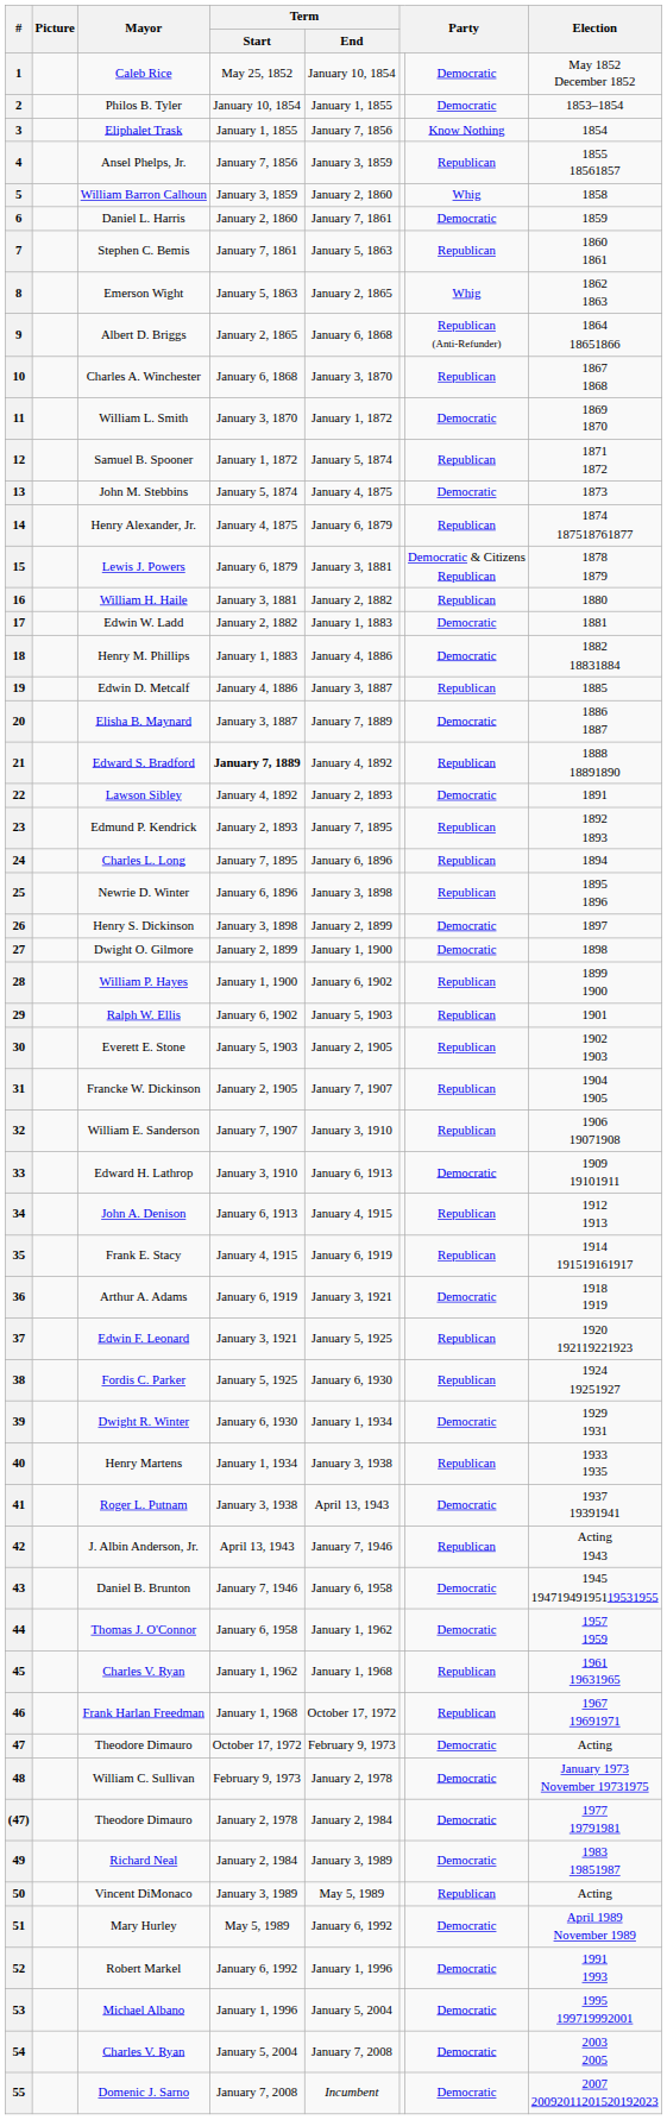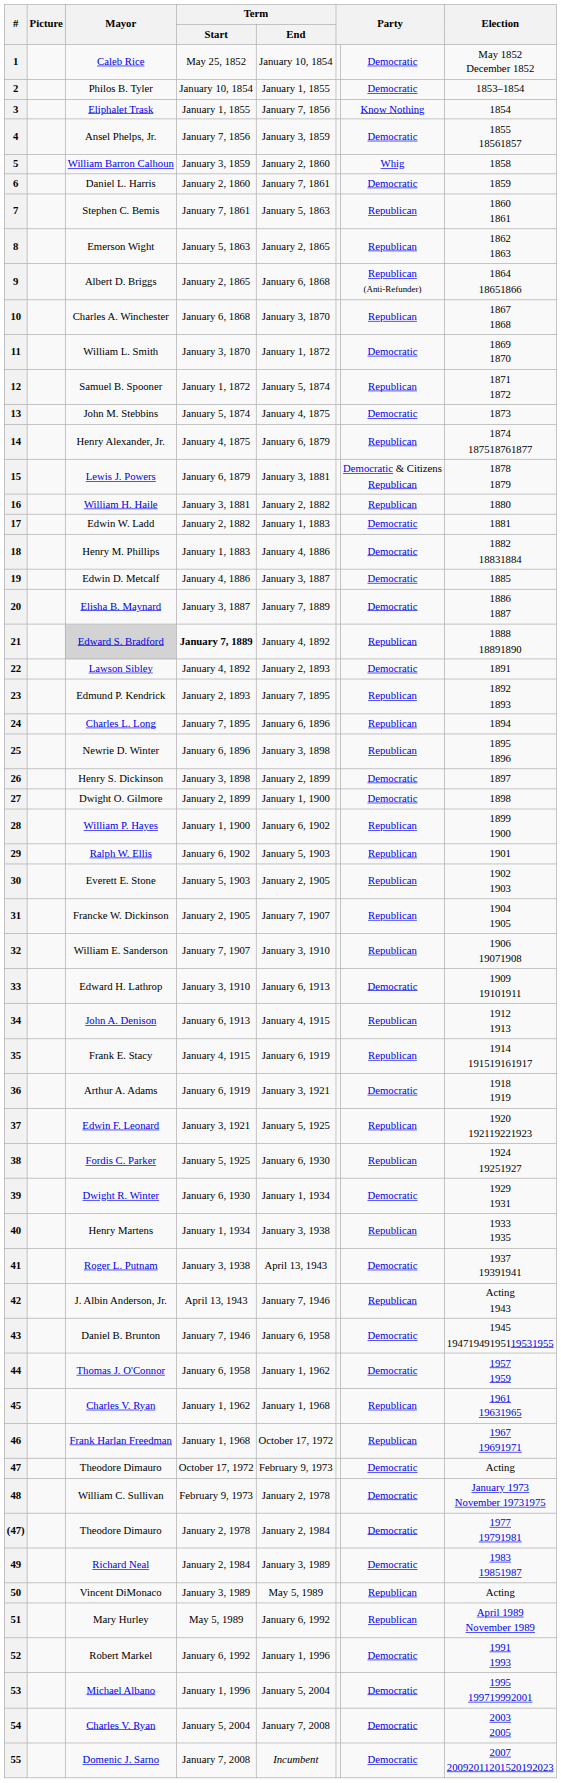 <table class="wikitable" style="line-height:1.4em; text-align:center;">
 <tr>
 <th rowspan=2 scope="col">#</th>
 <th rowspan=2 scope="col">Picture</th>
 <th rowspan=2 scope="col">Mayor</th>
 <th colspan=2 scope="colgroup">Term</th>
 <th rowspan=2 colspan=2 scope="col">Party</th>
 <th rowspan=2 scope="col">Election</th>
 </tr>
 <tr>
 <th>Start</th>
 <th>End</th>
 </tr>
 <tr>
 <th scope=row>1</th>
 <td></td>
 <td><a href='#'>Caleb Rice</a></td>
 <td>May 25, 1852</td>
 <td>January 10, 1854</td>
 <td style="background-color:"></td>
 <td><a href='#'>Democratic</a></td>
 <td>May 1852<br>December 1852</td>
 </tr>
 <tr>
 <th scope=row>2</th>
 <td></td>
 <td>Philos B. Tyler</td>
 <td>January 10, 1854</td>
 <td>January 1, 1855</td>
 <td style="background-color:"></td>
 <td><a href='#'>Democratic</a></td>
 <td>1853–1854</td>
 </tr>
 <tr>
 <th scope=row>3</th>
 <td></td>
 <td><a href='#'>Eliphalet Trask</a></td>
 <td>January 1, 1855</td>
 <td>January 7, 1856</td>
 <td style="background-color:"></td>
 <td><a href='#'>Know Nothing</a></td>
 <td>1854</td>
 </tr>
 <tr>
 <th scope=row>4</th>
 <td></td>
 <td>Ansel Phelps, Jr.</td>
 <td>January 7, 1856</td>
 <td>January 3, 1859</td>
 <td style="background-color:"></td>
-<td><a href='#'>Republican</a></td>
+<td><a href='#'>Democratic</a></td>
 <td>1855<br>18561857</td>
 </tr>
 <tr>
 <th scope=row>5</th>
 <td></td>
 <td><a href='#'>William Barron Calhoun</a></td>
 <td>January 3, 1859</td>
 <td>January 2, 1860</td>
 <td style="background-color:"></td>
 <td><a href='#'>Whig</a></td>
 <td>1858</td>
 </tr>
 <tr>
 <th scope=row>6</th>
 <td></td>
 <td>Daniel L. Harris</td>
 <td>January 2, 1860</td>
 <td>January 7, 1861</td>
 <td style="background-color:"></td>
 <td><a href='#'>Democratic</a></td>
 <td>1859</td>
 </tr>
 <tr>
 <th scope=row>7</th>
 <td></td>
 <td>Stephen C. Bemis</td>
 <td>January 7, 1861</td>
 <td>January 5, 1863</td>
 <td style="background-color:"></td>
 <td><a href='#'>Republican</a></td>
 <td>1860<br>1861</td>
 </tr>
 <tr>
 <th scope=row>8</th>
 <td></td>
 <td>Emerson Wight</td>
 <td>January 5, 1863</td>
 <td>January 2, 1865</td>
 <td style="background-color:"></td>
-<td><a href='#'>Whig</a></td>
+<td><a href='#'>Republican</a></td>
 <td>1862<br>1863</td>
 </tr>
 <tr>
 <th scope=row>9</th>
 <td></td>
 <td>Albert D. Briggs</td>
 <td>January 2, 1865</td>
 <td>January 6, 1868</td>
 <td style="background-color:"></td>
 <td><a href='#'>Republican</a><br><small>(Anti-Refunder)</small></td>
 <td>1864<br>18651866</td>
 </tr>
 <tr>
 <th scope=row>10</th>
 <td></td>
 <td>Charles A. Winchester</td>
 <td>January 6, 1868</td>
 <td>January 3, 1870</td>
 <td style="background-color:"></td>
 <td><a href='#'>Republican</a></td>
 <td>1867<br>1868</td>
 </tr>
 <tr>
 <th scope=row>11</th>
 <td></td>
 <td>William L. Smith</td>
 <td>January 3, 1870</td>
 <td>January 1, 1872</td>
 <td style="background-color:"></td>
 <td><a href='#'>Democratic</a></td>
 <td>1869<br>1870</td>
 </tr>
 <tr>
 <th scope=row>12</th>
 <td></td>
 <td>Samuel B. Spooner</td>
 <td>January 1, 1872</td>
 <td>January 5, 1874</td>
 <td style="background-color:"></td>
 <td><a href='#'>Republican</a></td>
 <td>1871<br>1872</td>
 </tr>
 <tr>
 <th scope=row>13</th>
 <td></td>
 <td>John M. Stebbins</td>
 <td>January 5, 1874</td>
 <td>January 4, 1875</td>
 <td style="background-color:"></td>
 <td><a href='#'>Democratic</a></td>
 <td>1873</td>
 </tr>
 <tr>
 <th scope=row>14</th>
 <td></td>
 <td>Henry Alexander, Jr.</td>
 <td>January 4, 1875</td>
 <td>January 6, 1879</td>
 <td style="background-color:"></td>
 <td><a href='#'>Republican</a></td>
 <td>1874<br>187518761877</td>
 </tr>
 <tr>
 <th scope=row>15</th>
 <td></td>
 <td><a href='#'>Lewis J. Powers</a></td>
 <td>January 6, 1879</td>
 <td>January 3, 1881</td>
 <td style="background-color:"></td>
 <td><a href='#'>Democratic</a> & Citizens<br><a href='#'>Republican</a></td>
 <td>1878<br>1879</td>
 </tr>
 <tr>
 <th scope=row>16</th>
 <td></td>
 <td><a href='#'>William H. Haile</a></td>
 <td>January 3, 1881</td>
 <td>January 2, 1882</td>
 <td style="background-color:"></td>
 <td><a href='#'>Republican</a></td>
 <td>1880</td>
 </tr>
 <tr>
 <th scope=row>17</th>
 <td></td>
 <td>Edwin W. Ladd</td>
 <td>January 2, 1882</td>
 <td>January 1, 1883</td>
 <td style="background-color:"></td>
 <td><a href='#'>Democratic</a></td>
 <td>1881</td>
 </tr>
 <tr>
 <th scope=row>18</th>
 <td></td>
 <td>Henry M. Phillips</td>
 <td>January 1, 1883</td>
 <td>January 4, 1886</td>
 <td style="background-color:"></td>
 <td><a href='#'>Democratic</a></td>
 <td>1882<br>18831884</td>
 </tr>
 <tr>
 <th scope=row>19</th>
 <td></td>
 <td>Edwin D. Metcalf</td>
 <td>January 4, 1886</td>
 <td>January 3, 1887</td>
 <td style="background-color:"></td>
-<td><a href='#'>Republican</a></td>
+<td><a href='#'>Democratic</a></td>
 <td>1885</td>
 </tr>
 <tr>
 <th scope=row>20</th>
 <td></td>
 <td><a href='#'>Elisha B. Maynard</a></td>
 <td>January 3, 1887</td>
 <td>January 7, 1889</td>
 <td style="background-color:"></td>
 <td><a href='#'>Democratic</a></td>
 <td>1886<br>1887</td>
 </tr>
 <tr>
 <th scope=row>21</th>
 <td></td>
-<td><a href='#'>Edward S. Bradford</a></td>
+<td style="background: lightgrey;"><a href='#'>Edward S. Bradford</a></td>
 <td><strong>January 7, 1889</strong></td>
 <td>January 4, 1892</td>
 <td style="background-color:"></td>
 <td><a href='#'>Republican</a></td>
 <td>1888<br>18891890</td>
 </tr>
 <tr>
 <th scope=row>22</th>
 <td></td>
 <td><a href='#'>Lawson Sibley</a></td>
 <td>January 4, 1892</td>
 <td>January 2, 1893</td>
 <td style="background-color:"></td>
 <td><a href='#'>Democratic</a></td>
 <td>1891</td>
 </tr>
 <tr>
 <th scope=row>23</th>
 <td></td>
 <td>Edmund P. Kendrick</td>
 <td>January 2, 1893</td>
 <td>January 7, 1895</td>
 <td style="background-color:"></td>
 <td><a href='#'>Republican</a></td>
 <td>1892<br>1893</td>
 </tr>
 <tr>
 <th scope=row>24</th>
 <td></td>
 <td><a href='#'>Charles L. Long</a></td>
 <td>January 7, 1895</td>
 <td>January 6, 1896</td>
 <td style="background-color:"></td>
 <td><a href='#'>Republican</a></td>
 <td>1894</td>
 </tr>
 <tr>
 <th scope=row>25</th>
 <td></td>
 <td>Newrie D. Winter</td>
 <td>January 6, 1896</td>
 <td>January 3, 1898</td>
 <td style="background-color:"></td>
 <td><a href='#'>Republican</a></td>
 <td>1895<br>1896</td>
 </tr>
 <tr>
 <th scope=row>26</th>
 <td></td>
 <td>Henry S. Dickinson</td>
 <td>January 3, 1898</td>
 <td>January 2, 1899</td>
 <td style="background-color:"></td>
 <td><a href='#'>Democratic</a></td>
 <td>1897</td>
 </tr>
 <tr>
 <th scope=row>27</th>
 <td></td>
 <td>Dwight O. Gilmore</td>
 <td>January 2, 1899</td>
 <td>January 1, 1900</td>
 <td style="background-color:"></td>
 <td><a href='#'>Democratic</a></td>
 <td>1898</td>
 </tr>
 <tr>
 <th scope=row>28</th>
 <td></td>
 <td><a href='#'>William P. Hayes</a></td>
 <td>January 1, 1900</td>
 <td>January 6, 1902</td>
 <td style="background-color:"></td>
 <td><a href='#'>Republican</a></td>
 <td>1899<br>1900</td>
 </tr>
 <tr>
 <th scope=row>29</th>
 <td></td>
 <td><a href='#'>Ralph W. Ellis</a></td>
 <td>January 6, 1902</td>
 <td>January 5, 1903</td>
 <td style="background-color:"></td>
 <td><a href='#'>Republican</a></td>
 <td>1901</td>
 </tr>
 <tr>
 <th scope=row>30</th>
 <td></td>
 <td>Everett E. Stone</td>
 <td>January 5, 1903</td>
 <td>January 2, 1905</td>
 <td style="background-color:"></td>
 <td><a href='#'>Republican</a></td>
 <td>1902<br>1903</td>
 </tr>
 <tr>
 <th scope=row>31</th>
 <td></td>
 <td>Francke W. Dickinson</td>
 <td>January 2, 1905</td>
 <td>January 7, 1907</td>
 <td style="background-color:"></td>
 <td><a href='#'>Republican</a></td>
 <td>1904<br>1905</td>
 </tr>
 <tr>
 <th scope=row>32</th>
 <td></td>
 <td>William E. Sanderson</td>
 <td>January 7, 1907</td>
 <td>January 3, 1910</td>
 <td style="background-color:"></td>
 <td><a href='#'>Republican</a></td>
 <td>1906<br>19071908</td>
 </tr>
 <tr>
 <th scope=row>33</th>
 <td></td>
 <td>Edward H. Lathrop</td>
 <td>January 3, 1910</td>
 <td>January 6, 1913</td>
 <td style="background-color:"></td>
 <td><a href='#'>Democratic</a></td>
 <td>1909<br>19101911</td>
 </tr>
 <tr>
 <th scope=row>34</th>
 <td></td>
 <td><a href='#'>John A. Denison</a></td>
 <td>January 6, 1913</td>
 <td>January 4, 1915</td>
 <td style="background-color:"></td>
 <td><a href='#'>Republican</a></td>
 <td>1912<br>1913</td>
 </tr>
 <tr>
 <th scope=row>35</th>
 <td></td>
 <td>Frank E. Stacy</td>
 <td>January 4, 1915</td>
 <td>January 6, 1919</td>
 <td style="background-color:"></td>
 <td><a href='#'>Republican</a></td>
 <td>1914<br>191519161917</td>
 </tr>
 <tr>
 <th scope=row>36</th>
 <td></td>
 <td>Arthur A. Adams</td>
 <td>January 6, 1919</td>
 <td>January 3, 1921</td>
 <td style="background-color:"></td>
 <td><a href='#'>Democratic</a></td>
 <td>1918<br>1919</td>
 </tr>
 <tr>
 <th scope=row>37</th>
 <td></td>
 <td><a href='#'>Edwin F. Leonard</a></td>
 <td>January 3, 1921</td>
 <td>January 5, 1925</td>
 <td style="background-color:"></td>
 <td><a href='#'>Republican</a></td>
 <td>1920<br>192119221923</td>
 </tr>
 <tr>
 <th scope=row>38</th>
 <td></td>
 <td><a href='#'>Fordis C. Parker</a></td>
 <td>January 5, 1925</td>
 <td>January 6, 1930</td>
 <td style="background-color:"></td>
 <td><a href='#'>Republican</a></td>
 <td>1924<br>19251927</td>
 </tr>
 <tr>
 <th scope=row>39</th>
 <td></td>
 <td><a href='#'>Dwight R. Winter</a></td>
 <td>January 6, 1930</td>
 <td>January 1, 1934</td>
 <td style="background-color:"></td>
 <td><a href='#'>Democratic</a></td>
 <td>1929<br>1931</td>
 </tr>
 <tr>
 <th scope=row>40</th>
 <td></td>
 <td>Henry Martens</td>
 <td>January 1, 1934</td>
 <td>January 3, 1938</td>
 <td style="background-color:"></td>
 <td><a href='#'>Republican</a></td>
 <td>1933<br>1935</td>
 </tr>
 <tr>
 <th scope=row>41</th>
 <td></td>
 <td><a href='#'>Roger L. Putnam</a></td>
 <td>January 3, 1938</td>
 <td>April 13, 1943</td>
 <td style="background-color:"></td>
 <td><a href='#'>Democratic</a></td>
 <td>1937<br>19391941</td>
 </tr>
 <tr>
 <th scope=row>42</th>
 <td></td>
 <td>J. Albin Anderson, Jr.</td>
 <td>April 13, 1943</td>
 <td>January 7, 1946</td>
 <td style="background-color:"></td>
 <td><a href='#'>Republican</a></td>
 <td>Acting<br>1943</td>
 </tr>
 <tr>
 <th scope=row>43</th>
 <td></td>
 <td>Daniel B. Brunton</td>
 <td>January 7, 1946</td>
 <td>January 6, 1958</td>
 <td style="background-color:"></td>
 <td><a href='#'>Democratic</a></td>
 <td>1945<br>194719491951<a href='#'>1953</a><a href='#'>1955</a></td>
 </tr>
 <tr>
 <th scope=row>44</th>
 <td></td>
 <td><a href='#'>Thomas J. O'Connor</a></td>
 <td>January 6, 1958</td>
 <td>January 1, 1962</td>
 <td style="background-color:"></td>
 <td><a href='#'>Democratic</a></td>
 <td><a href='#'>1957</a><br><a href='#'>1959</a></td>
 </tr>
 <tr>
 <th scope=row>45</th>
 <td></td>
 <td><a href='#'>Charles V. Ryan</a></td>
 <td>January 1, 1962</td>
 <td>January 1, 1968</td>
 <td style="background-color:"></td>
 <td><a href='#'>Republican</a></td>
 <td><a href='#'>1961</a><br><a href='#'>1963</a><a href='#'>1965</a></td>
 </tr>
 <tr>
 <th scope=row>46</th>
 <td></td>
 <td><a href='#'>Frank Harlan Freedman</a></td>
 <td>January 1, 1968</td>
 <td>October 17, 1972</td>
 <td style="background-color:"></td>
 <td><a href='#'>Republican</a></td>
 <td><a href='#'>1967</a><br><a href='#'>1969</a><a href='#'>1971</a></td>
 </tr>
 <tr>
 <th scope=row>47</th>
 <td></td>
 <td>Theodore Dimauro</td>
 <td>October 17, 1972</td>
 <td>February 9, 1973</td>
 <td style="background-color:"></td>
 <td><a href='#'>Democratic</a></td>
 <td>Acting</td>
 </tr>
 <tr>
 <th scope=row>48</th>
 <td></td>
 <td>William C. Sullivan</td>
 <td>February 9, 1973</td>
 <td>January 2, 1978</td>
 <td style="background-color:"></td>
 <td><a href='#'>Democratic</a></td>
 <td><a href='#'>January 1973</a><br><a href='#'>November 1973</a><a href='#'>1975</a></td>
 </tr>
 <tr>
 <th scope=row>(47)</th>
 <td></td>
 <td>Theodore Dimauro</td>
 <td>January 2, 1978</td>
 <td>January 2, 1984</td>
 <td style="background-color:"></td>
 <td><a href='#'>Democratic</a></td>
 <td><a href='#'>1977</a><br><a href='#'>1979</a><a href='#'>1981</a></td>
 </tr>
 <tr>
 <th scope=row>49</th>
 <td></td>
 <td><a href='#'>Richard Neal</a></td>
 <td>January 2, 1984</td>
 <td>January 3, 1989</td>
 <td style="background-color:"></td>
 <td><a href='#'>Democratic</a></td>
 <td><a href='#'>1983</a><br><a href='#'>1985</a><a href='#'>1987</a></td>
 </tr>
 <tr>
 <th scope=row>50</th>
 <td></td>
 <td>Vincent DiMonaco</td>
 <td>January 3, 1989</td>
 <td>May 5, 1989</td>
 <td style="background-color:"></td>
 <td><a href='#'>Republican</a></td>
 <td>Acting</td>
 </tr>
 <tr>
 <th scope=row>51</th>
 <td></td>
 <td>Mary Hurley</td>
 <td>May 5, 1989</td>
 <td>January 6, 1992</td>
 <td style="background-color:"></td>
-<td><a href='#'>Democratic</a></td>
+<td><a href='#'>Republican</a></td>
 <td><a href='#'>April 1989</a><br><a href='#'>November 1989</a></td>
 </tr>
 <tr>
 <th scope=row>52</th>
 <td></td>
 <td>Robert Markel</td>
 <td>January 6, 1992</td>
 <td>January 1, 1996</td>
 <td style="background-color:"></td>
 <td><a href='#'>Democratic</a></td>
 <td><a href='#'>1991</a><br><a href='#'>1993</a></td>
 </tr>
 <tr>
 <th scope=row>53</th>
 <td></td>
 <td><a href='#'>Michael Albano</a></td>
 <td>January 1, 1996</td>
 <td>January 5, 2004</td>
 <td style="background-color:"></td>
 <td><a href='#'>Democratic</a></td>
 <td><a href='#'>1995</a><br><a href='#'>1997</a><a href='#'>1999</a><a href='#'>2001</a></td>
 </tr>
 <tr>
 <th scope=row>54</th>
 <td></td>
 <td><a href='#'>Charles V. Ryan</a></td>
 <td>January 5, 2004</td>
 <td>January 7, 2008</td>
 <td style="background-color:"></td>
 <td><a href='#'>Democratic</a></td>
 <td><a href='#'>2003</a><br><a href='#'>2005</a></td>
 </tr>
 <tr>
 <th scope=row>55</th>
 <td></td>
 <td><a href='#'>Domenic J. Sarno</a></td>
 <td>January 7, 2008</td>
 <td><em>Incumbent</em></td>
 <td style="background-color:"></td>
 <td><a href='#'>Democratic</a></td>
 <td><a href='#'>2007</a><br><a href='#'>2009</a><a href='#'>2011</a><a href='#'>2015</a><a href='#'>2019</a><a href='#'>2023</a></td>
 </tr>
 </table>
